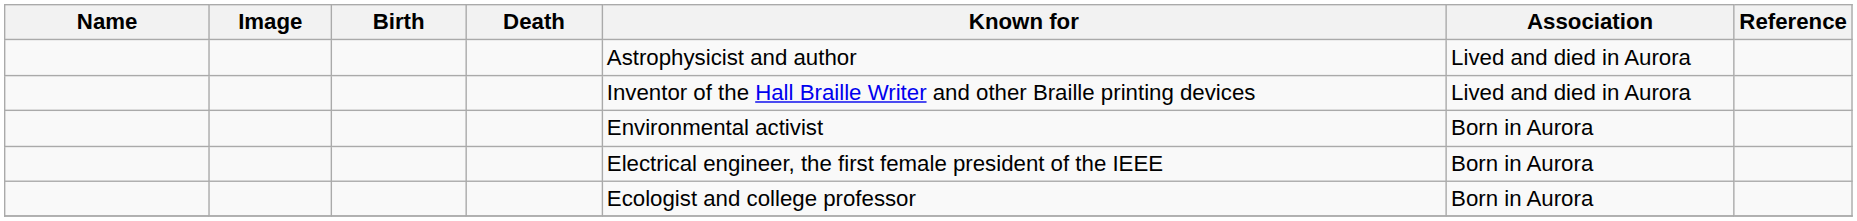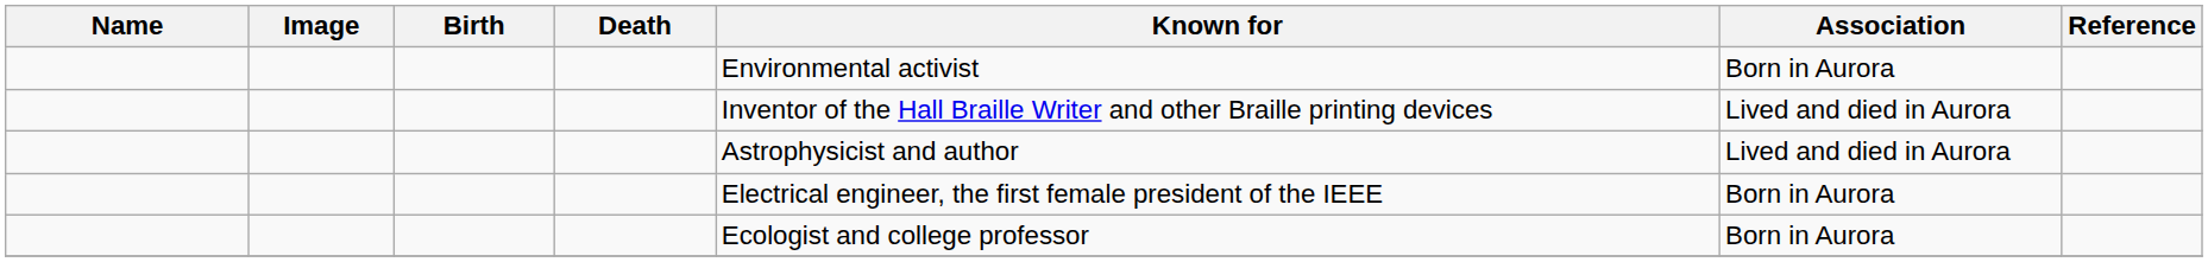 <table class="wikitable sortable">
 <tr>
 <th scope="col" width="140">Name</th>
 <th scope="col" width="80" class="unsortable">Image</th>
 <th scope="col" width="90">Birth</th>
 <th scope="col" width="90">Death</th>
 <th scope="col" width="600" class="unsortable">Known for</th>
 <th scope="col" width="200" class="unsortable">Association</th>
 <th scope="col" width="30" class="unsortable">Reference</th>
 </tr>
 <tr>
 <td></td>
 <td></td>
 <td align=right></td>
 <td align=right></td>
-<td>Astrophysicist and author</td>
-<td>Lived and died in Aurora</td>
+<td>Environmental activist</td>
+<td>Born in Aurora</td>
 <td align="center"></td>
 </tr>
 <tr>
 <td></td>
 <td></td>
 <td align=right></td>
 <td align=right></td>
 <td>Inventor of the <a href='#'>Hall Braille Writer</a> and other Braille printing devices</td>
 <td>Lived and died in Aurora</td>
 <td align="center"></td>
 </tr>
 <tr>
 <td></td>
 <td></td>
 <td align=right></td>
 <td align=right></td>
-<td>Environmental activist</td>
-<td>Born in Aurora</td>
+<td>Astrophysicist and author</td>
+<td>Lived and died in Aurora</td>
 <td align="center"></td>
 </tr>
 <tr>
 <td></td>
 <td></td>
 <td align=right></td>
 <td align=right></td>
 <td>Electrical engineer, the first female president of the IEEE</td>
 <td>Born in Aurora</td>
 <td></td>
 </tr>
 <tr>
 <td></td>
 <td></td>
 <td align=right></td>
 <td align=right></td>
 <td>Ecologist and college professor</td>
 <td>Born in Aurora</td>
 <td align="center"></td>
 </tr>
 <tr>
 </tr>
 </table>
